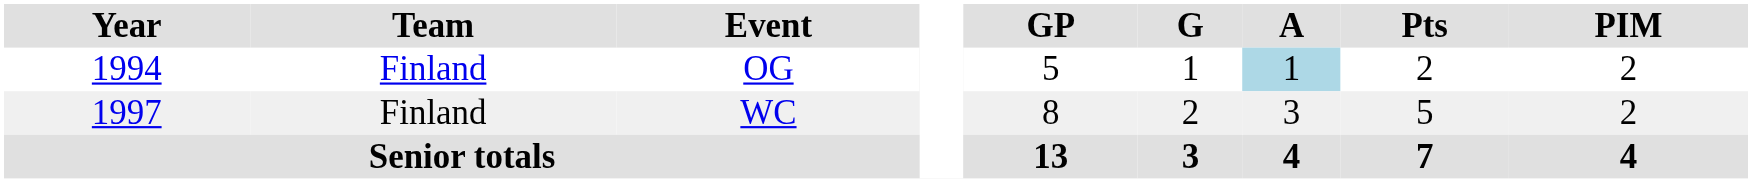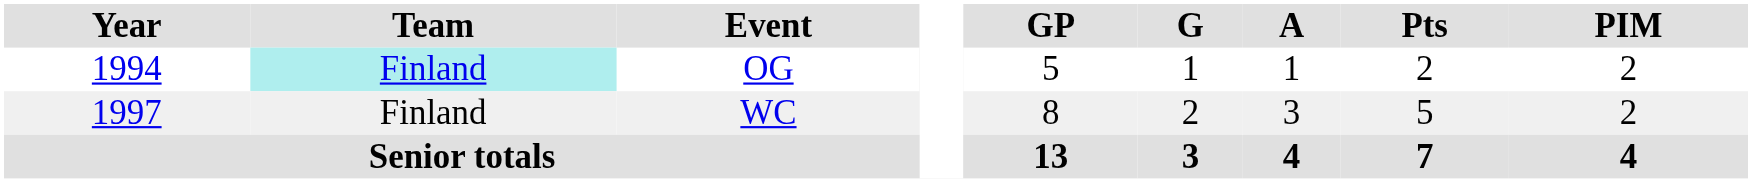 <table border="0" cellpadding="1" cellspacing="0" style="text-align:center; width:50em">
 <tr ALIGN="center" bgcolor="#e0e0e0">
 <th>Year</th>
 <th>Team</th>
 <th>Event</th>
 <th rowspan="99" bgcolor="#ffffff"> </th>
 <th>GP</th>
 <th>G</th>
 <th>A</th>
 <th>Pts</th>
 <th>PIM</th>
 </tr>
 <tr>
 <td><a href='#'>1994</a></td>
-<td><a href='#'>Finland</a></td>
+<td style="background: paleturquoise;"><a href='#'>Finland</a></td>
 <td><a href='#'>OG</a></td>
 <td>5</td>
 <td>1</td>
-<td style="background: lightblue;">1</td>
+<td>1</td>
 <td>2</td>
 <td>2</td>
 </tr>
 <tr bgcolor="#f0f0f0">
 <td><a href='#'>1997</a></td>
 <td>Finland</td>
 <td><a href='#'>WC</a></td>
 <td>8</td>
 <td>2</td>
 <td>3</td>
 <td>5</td>
 <td>2</td>
 </tr>
 <tr bgcolor="#e0e0e0">
 <th colspan=3>Senior totals</th>
 <th>13</th>
 <th>3</th>
 <th>4</th>
 <th>7</th>
 <th>4</th>
 </tr>
 </table>
